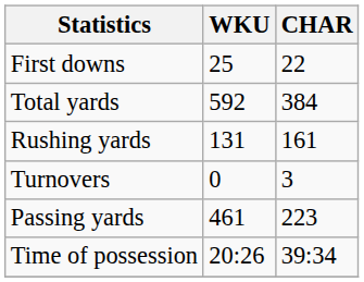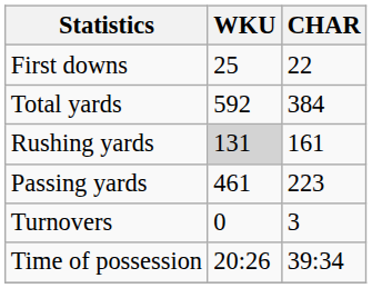 <table class="wikitable" style="float: left;">
 <tr>
 <th>Statistics</th>
 <th>WKU</th>
 <th>CHAR</th>
 </tr>
 <tr>
 <td>First downs</td>
 <td>25</td>
 <td>22</td>
 </tr>
 <tr>
 <td>Total yards</td>
 <td>592</td>
 <td>384</td>
 </tr>
 <tr>
 <td>Rushing yards</td>
-<td>131</td>
+<td style="background: lightgrey;">131</td>
 <td>161</td>
+</tr>
+<tr>
+<td>Passing yards</td>
+<td>461</td>
+<td>223</td>
 </tr>
 <tr>
 <td>Turnovers</td>
 <td>0</td>
 <td>3</td>
-</tr>
-<tr>
-<td>Passing yards</td>
-<td>461</td>
-<td>223</td>
 </tr>
 <tr>
 <td>Time of possession</td>
 <td>20:26</td>
 <td>39:34</td>
 </tr>
 <tr>
 </tr>
 </table>
